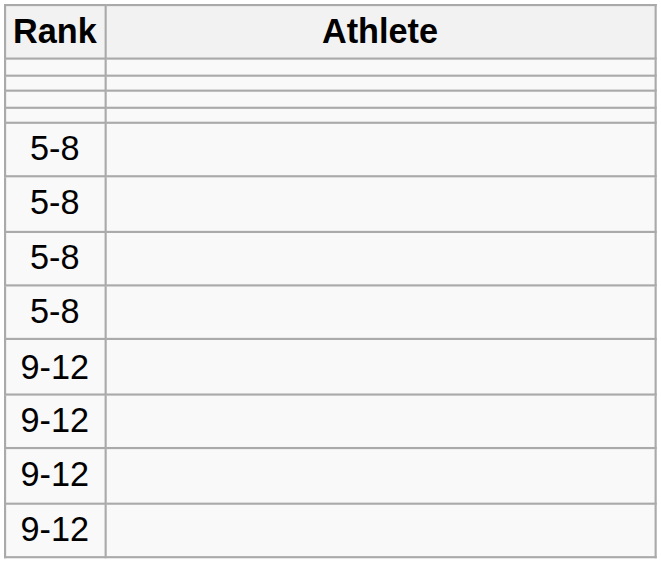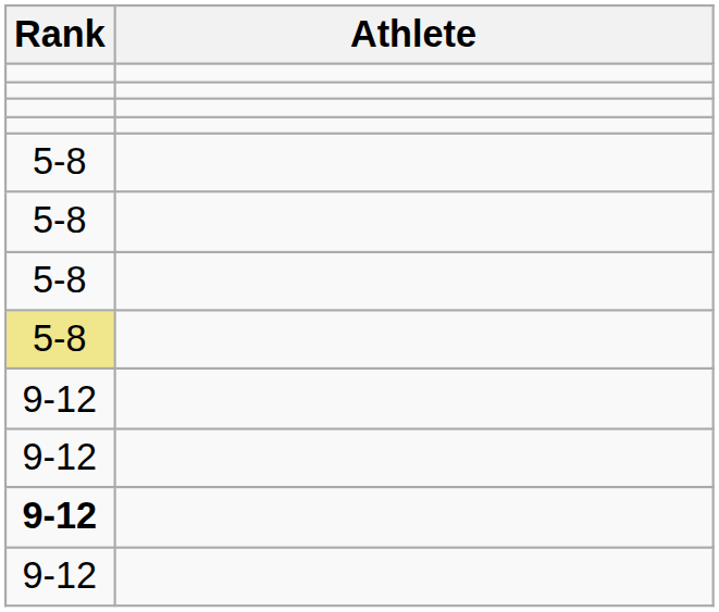 <table class="wikitable" style="text-align:center;">
 <tr>
 <th>Rank</th>
 <th width=250px>Athlete</th>
 </tr>
 <tr>
 <td></td>
 <td align=left></td>
 </tr>
 <tr>
 <td></td>
 <td align=left></td>
 </tr>
 <tr>
 <td></td>
 <td align=left></td>
 </tr>
 <tr>
 <td></td>
 <td align=left></td>
 </tr>
 <tr>
 <td>5-8</td>
 <td align=left></td>
 </tr>
 <tr>
 <td>5-8</td>
 <td align=left></td>
 </tr>
 <tr>
 <td>5-8</td>
 <td align=left></td>
 </tr>
 <tr>
-<td>5-8</td>
+<td style="background: khaki;">5-8</td>
 <td align=left></td>
 </tr>
 <tr>
 <td>9-12</td>
 <td align=left></td>
 </tr>
 <tr>
 <td>9-12</td>
 <td align=left></td>
 </tr>
 <tr>
-<td>9-12</td>
+<td><strong>9-12</strong></td>
 <td align=left></td>
 </tr>
 <tr>
 <td>9-12</td>
 <td align=left></td>
 </tr>
 </table>
